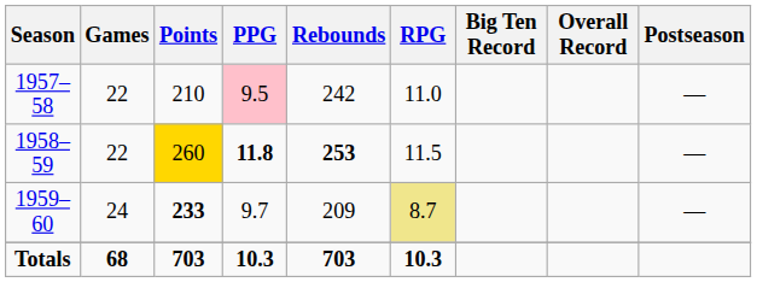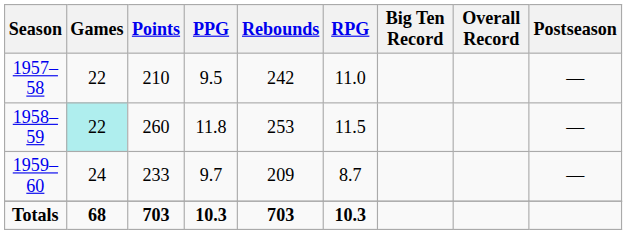 <table class="wikitable sortable" style="text-align:center">
 <tr>
 <th width=40px>Season</th>
 <th width=40px>Games</th>
 <th width=40px><a href='#'>Points</a></th>
 <th width=40px><a href='#'>PPG</a></th>
 <th width=40px><a href='#'>Rebounds</a></th>
 <th width=40px><a href='#'>RPG</a></th>
 <th width=60px>Big Ten <br>Record</th>
 <th width=60px>Overall <br>Record</th>
 <th width=40px>Postseason</th>
 </tr>
 <tr>
 <td><a href='#'>1957–58</a></td>
 <td>22</td>
 <td>210</td>
-<td style="background: pink;">9.5</td>
+<td>9.5</td>
 <td>242</td>
 <td>11.0</td>
 <td></td>
 <td></td>
 <td>—</td>
 </tr>
 <tr>
 <td><a href='#'>1958–59</a></td>
-<td>22</td>
-<td style="background: gold;">260</td>
-<td><strong>11.8</strong></td>
-<td><strong>253</strong></td>
+<td style="background: paleturquoise;">22</td>
+<td>260</td>
+<td>11.8</td>
+<td>253</td>
 <td>11.5</td>
 <td></td>
 <td></td>
 <td>—</td>
 </tr>
 <tr>
 <td><a href='#'>1959–60</a></td>
 <td>24</td>
-<td><strong>233</strong></td>
+<td>233</td>
 <td>9.7</td>
 <td>209</td>
-<td style="background: khaki;">8.7</td>
+<td>8.7</td>
 <td></td>
 <td></td>
 <td>—</td>
 </tr>
 <tr>
 </tr>
 <tr class="sortbottom">
 <td><strong>Totals</strong></td>
 <td><strong>68</strong></td>
 <td><strong>703</strong></td>
 <td><strong>10.3</strong></td>
 <td><strong>703</strong></td>
 <td><strong>10.3</strong></td>
 <td><strong></strong></td>
 <td><strong></strong></td>
 <td></td>
 </tr>
 </table>
